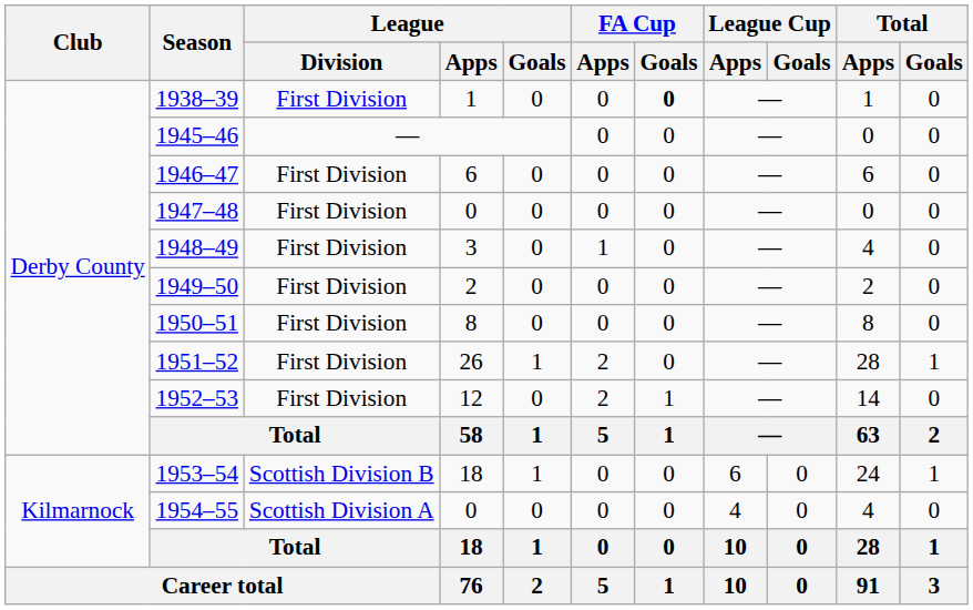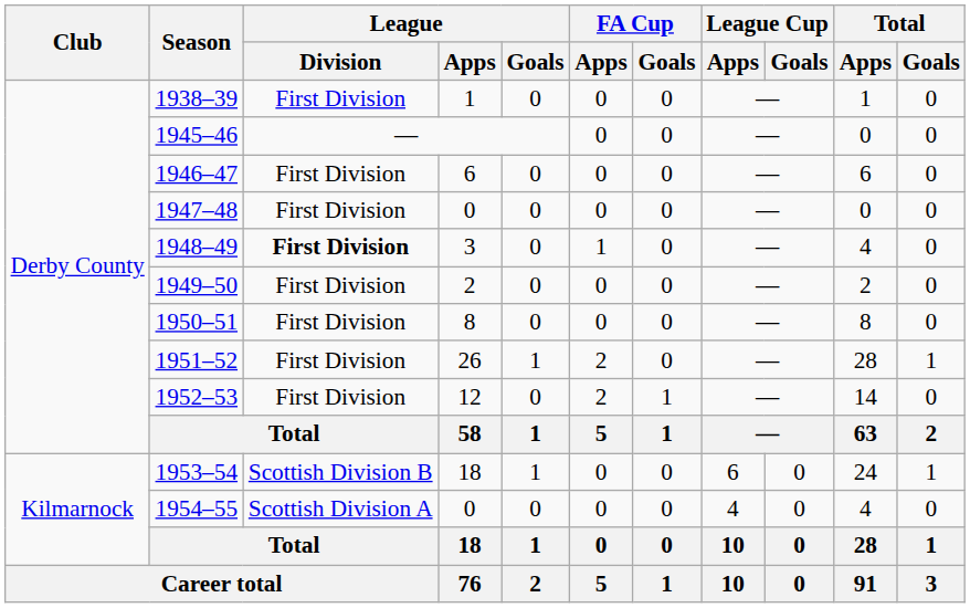 <table class="wikitable" style="text-align: center;">
 <tr>
 <th rowspan="2">Club</th>
 <th rowspan="2">Season</th>
 <th colspan="3">League</th>
 <th colspan="2"><a href='#'>FA Cup</a></th>
 <th colspan="2">League Cup</th>
 <th colspan="2">Total</th>
 </tr>
 <tr>
 <th>Division</th>
 <th>Apps</th>
 <th>Goals</th>
 <th>Apps</th>
 <th>Goals</th>
 <th>Apps</th>
 <th>Goals</th>
 <th>Apps</th>
 <th>Goals</th>
 </tr>
 <tr>
 <td rowspan="10"><a href='#'>Derby County</a></td>
 <td><a href='#'>1938–39</a></td>
 <td><a href='#'>First Division</a></td>
 <td>1</td>
 <td>0</td>
 <td>0</td>
-<td><strong>0</strong></td>
+<td>0</td>
 <td colspan="2">—</td>
 <td>1</td>
 <td>0</td>
 </tr>
 <tr>
 <td><a href='#'>1945–46</a></td>
 <td colspan="3">—</td>
 <td>0</td>
 <td>0</td>
 <td colspan="2">—</td>
 <td>0</td>
 <td>0</td>
 </tr>
 <tr>
 <td><a href='#'>1946–47</a></td>
 <td>First Division</td>
 <td>6</td>
 <td>0</td>
 <td>0</td>
 <td>0</td>
 <td colspan="2">—</td>
 <td>6</td>
 <td>0</td>
 </tr>
 <tr>
 <td><a href='#'>1947–48</a></td>
 <td>First Division</td>
 <td>0</td>
 <td>0</td>
 <td>0</td>
 <td>0</td>
 <td colspan="2">—</td>
 <td>0</td>
 <td>0</td>
 </tr>
 <tr>
 <td><a href='#'>1948–49</a></td>
-<td>First Division</td>
+<td><strong>First Division</strong></td>
 <td>3</td>
 <td>0</td>
 <td>1</td>
 <td>0</td>
 <td colspan="2">—</td>
 <td>4</td>
 <td>0</td>
 </tr>
 <tr>
 <td><a href='#'>1949–50</a></td>
 <td>First Division</td>
 <td>2</td>
 <td>0</td>
 <td>0</td>
 <td>0</td>
 <td colspan="2">—</td>
 <td>2</td>
 <td>0</td>
 </tr>
 <tr>
 <td><a href='#'>1950–51</a></td>
 <td>First Division</td>
 <td>8</td>
 <td>0</td>
 <td>0</td>
 <td>0</td>
 <td colspan="2">—</td>
 <td>8</td>
 <td>0</td>
 </tr>
 <tr>
 <td><a href='#'>1951–52</a></td>
 <td>First Division</td>
 <td>26</td>
 <td>1</td>
 <td>2</td>
 <td>0</td>
 <td colspan="2">—</td>
 <td>28</td>
 <td>1</td>
 </tr>
 <tr>
 <td><a href='#'>1952–53</a></td>
 <td>First Division</td>
 <td>12</td>
 <td>0</td>
 <td>2</td>
 <td>1</td>
 <td colspan="2">—</td>
 <td>14</td>
 <td>0</td>
 </tr>
 <tr>
 <th colspan="2">Total</th>
 <th>58</th>
 <th>1</th>
 <th>5</th>
 <th>1</th>
 <th colspan="2">—</th>
 <th>63</th>
 <th>2</th>
 </tr>
 <tr>
 <td rowspan="3"><a href='#'>Kilmarnock</a></td>
 <td><a href='#'>1953–54</a></td>
 <td><a href='#'>Scottish Division B</a></td>
 <td>18</td>
 <td>1</td>
 <td>0</td>
 <td>0</td>
 <td>6</td>
 <td>0</td>
 <td>24</td>
 <td>1</td>
 </tr>
 <tr>
 <td><a href='#'>1954–55</a></td>
 <td><a href='#'>Scottish Division A</a></td>
 <td>0</td>
 <td>0</td>
 <td>0</td>
 <td>0</td>
 <td>4</td>
 <td>0</td>
 <td>4</td>
 <td>0</td>
 </tr>
 <tr>
 <th colspan="2">Total</th>
 <th>18</th>
 <th>1</th>
 <th>0</th>
 <th>0</th>
 <th>10</th>
 <th>0</th>
 <th>28</th>
 <th>1</th>
 </tr>
 <tr>
 <th colspan="3">Career total</th>
 <th>76</th>
 <th>2</th>
 <th>5</th>
 <th>1</th>
 <th>10</th>
 <th>0</th>
 <th>91</th>
 <th>3</th>
 </tr>
 </table>
